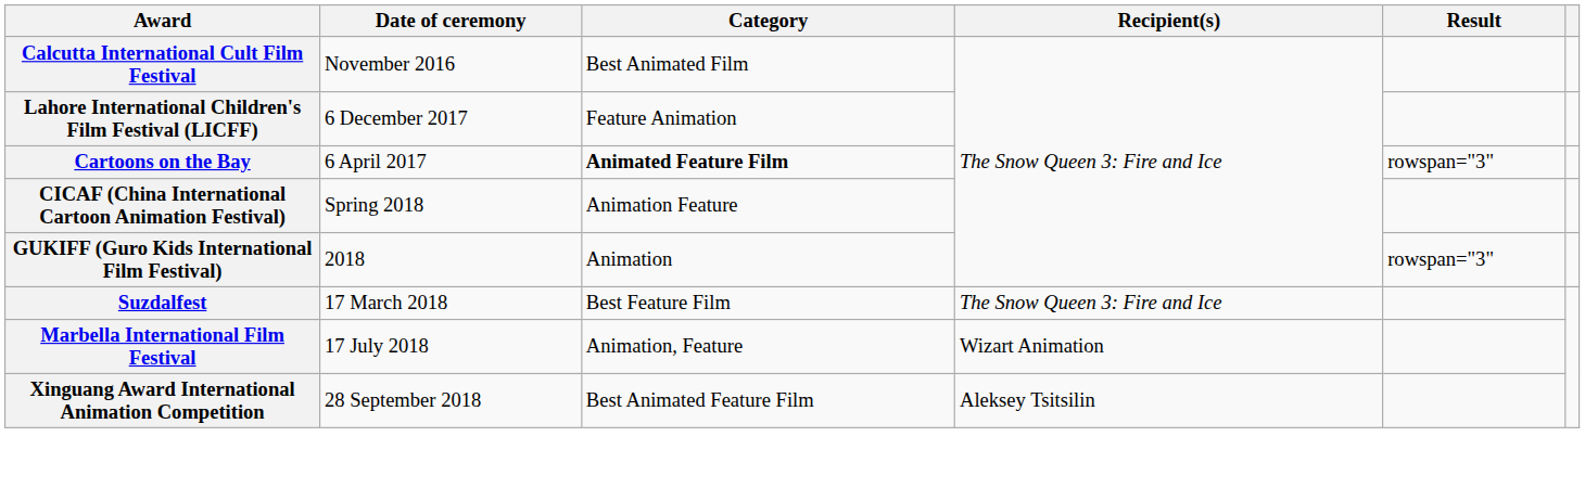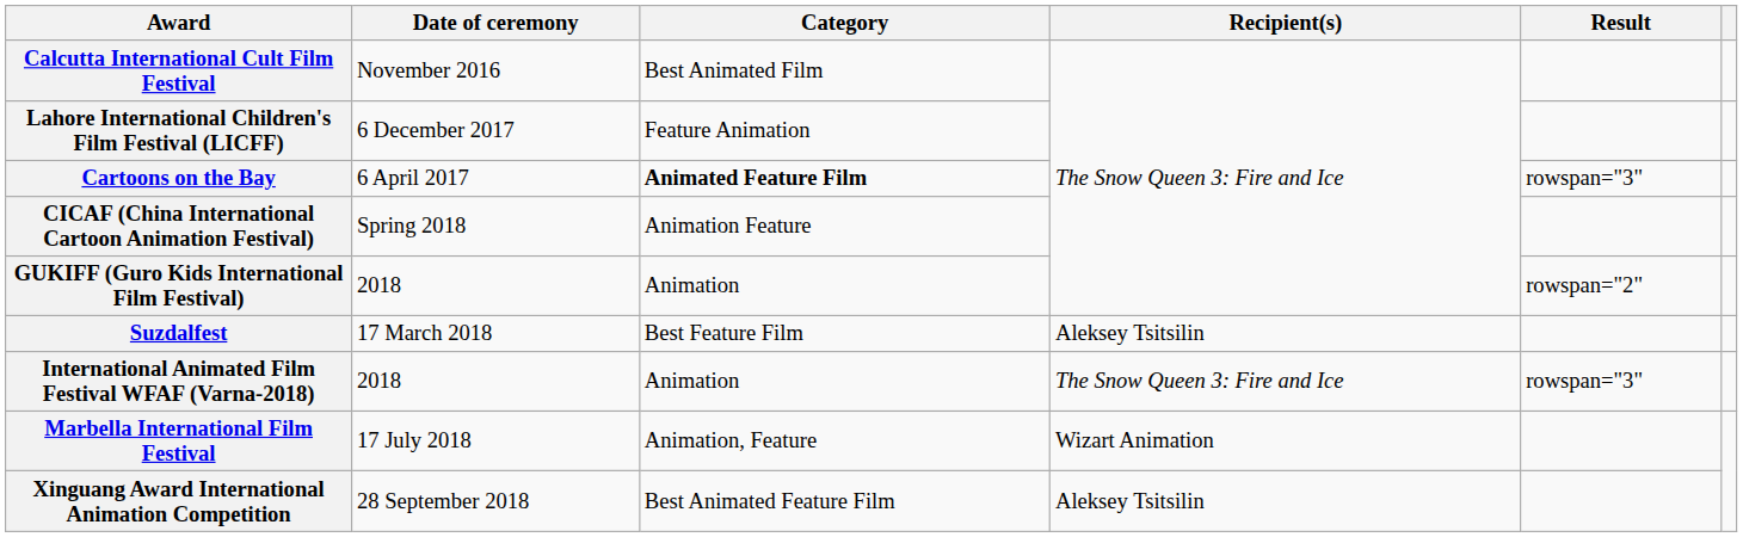 <table class="wikitable sortable plainrowheaders" style="width: 99%">
 <tr>
 <th scope="col" style="width:20%;">Award</th>
 <th scope="col">Date of ceremony</th>
 <th scope="col">Category</th>
 <th scope="col">Recipient(s)</th>
 <th scope="col">Result</th>
 <th scope="col" class="unsortable"></th>
 </tr>
 <tr>
 <th scope="row" style="text-align:center;"><a href='#'>Calcutta International Cult Film Festival</a></th>
 <td>November 2016</td>
 <td>Best Animated Film</td>
 <td rowspan="5"><em>The Snow Queen 3: Fire and Ice</em></td>
 <td></td>
 <td style="text-align:center;"></td>
 </tr>
 <tr>
 <th scope="row" style="text-align:center;">Lahore International Children's Film Festival (LICFF)</th>
 <td>6 December  2017</td>
 <td>Feature Animation</td>
 <td></td>
 <td style="text-align:center;"></td>
 </tr>
 <tr>
 <th scope="row" style="text-align:center;"><a href='#'>Cartoons on the Bay</a></th>
 <td>6 April 2017</td>
 <td><strong>Animated Feature Film</strong></td>
 <td>rowspan="3" </td>
 <td style="text-align:center;"></td>
 </tr>
 <tr>
 <th scope="row" style="text-align:center;">CICAF (China International Cartoon Animation Festival)</th>
 <td>Spring 2018</td>
 <td>Animation Feature</td>
 <td style="text-align:center;"></td>
 </tr>
 <tr>
 <th scope="row" style="text-align:center;">GUKIFF (Guro Kids International Film Festival)</th>
 <td>2018</td>
 <td>Animation</td>
-<td>rowspan="3" </td>
+<td>rowspan="2" </td>
 <td style="text-align:center;"></td>
 </tr>
 <tr>
 <th rowspan="1" scope="row" style="text-align:center;"><a href='#'>Suzdalfest</a></th>
 <td rowspan="1">17 March 2018</td>
 <td>Best Feature Film</td>
+<td>Aleksey Tsitsilin</td>
+<td rowspan="1" style="text-align:center;"></td>
+</tr>
+<tr>
+<th scope="row" style="text-align:center;">International Animated Film Festival WFAF (Varna-2018)</th>
+<td>2018</td>
+<td>Animation</td>
 <td><em>The Snow Queen 3: Fire and Ice</em></td>
-<td rowspan="1" style="text-align:center;"></td>
+<td>rowspan="3" </td>
+<td style="text-align:center;"></td>
 </tr>
 <tr>
 <th rowspan="1" scope="row" style="text-align:center;"><a href='#'>Marbella International Film Festival</a></th>
 <td rowspan="1">17 July 2018</td>
 <td>Animation, Feature</td>
 <td>Wizart Animation</td>
 <td rowspan="1" style="text-align:center;"></td>
 </tr>
 <tr>
 <th scope="row" style="text-align:center;">Xinguang Award International Animation Competition</th>
 <td>28 September 2018</td>
 <td>Best Animated Feature Film</td>
 <td>Aleksey Tsitsilin</td>
 <td style="text-align:center;"></td>
 </tr>
 </table>
